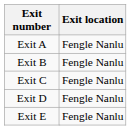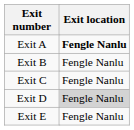 <table class="wikitable">
 <tr>
 <th style="width:70px" colspan="2">Exit number</th>
 <th>Exit location</th>
 </tr>
 <tr>
 <td align="center" colspan="2">Exit A</td>
-<td>Fengle Nanlu</td>
+<td><strong>Fengle Nanlu</strong></td>
 </tr>
 <tr>
 <td align="center" colspan="2">Exit B</td>
 <td>Fengle Nanlu</td>
 </tr>
 <tr>
 <td align="center" colspan="2">Exit C</td>
 <td>Fengle Nanlu</td>
 </tr>
 <tr>
 <td align="center" colspan="2">Exit D</td>
-<td>Fengle Nanlu</td>
+<td style="background: lightgrey;">Fengle Nanlu</td>
 </tr>
 <tr>
 <td align="center" colspan="2">Exit E</td>
 <td>Fengle Nanlu</td>
 </tr>
 </table>
